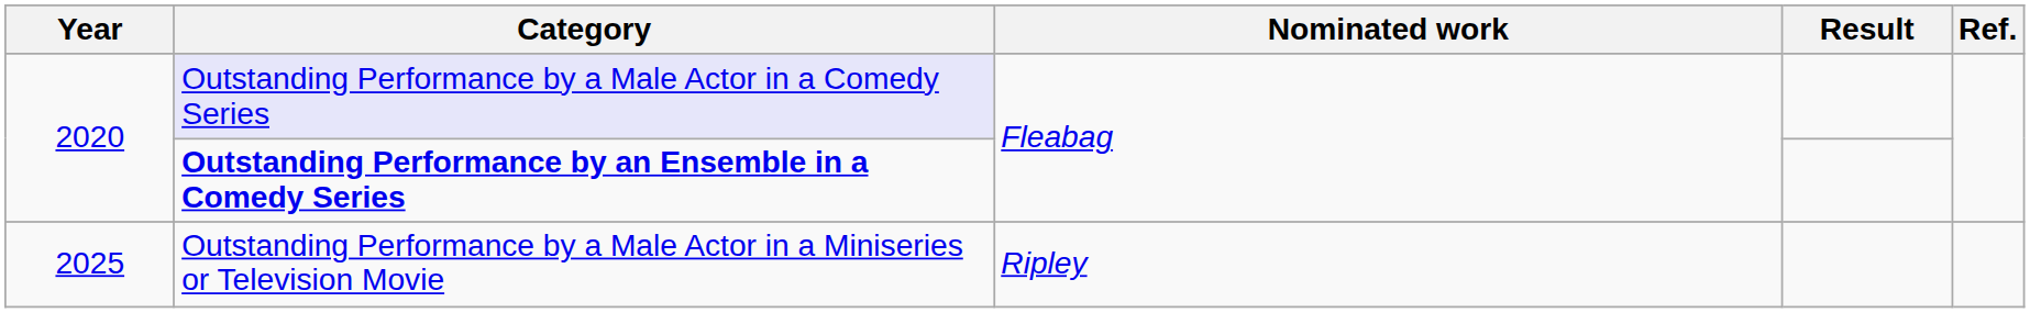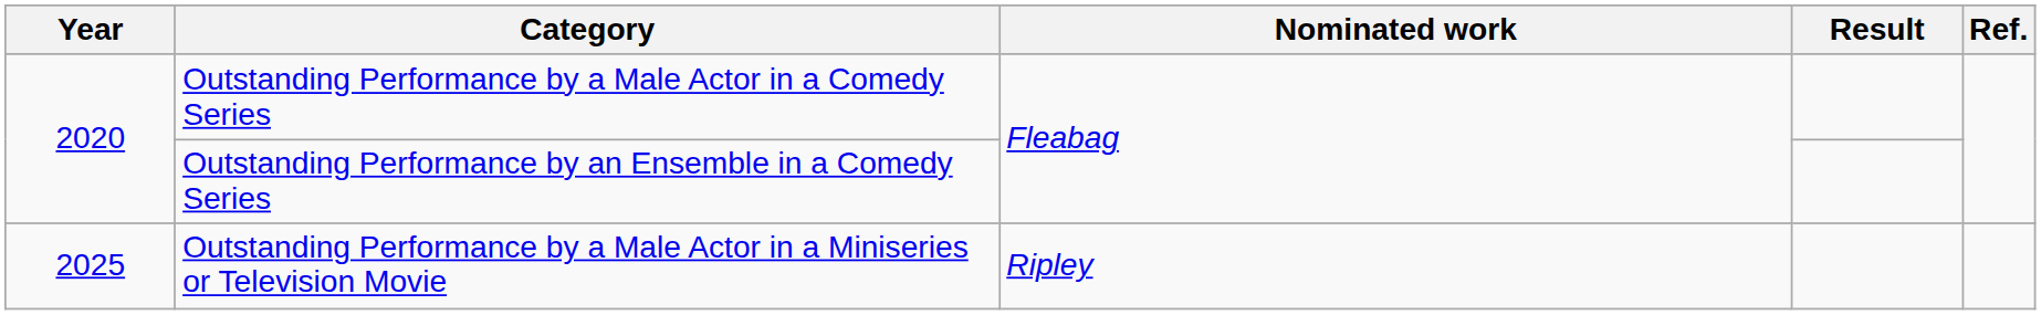 <table class=wikitable>
 <tr>
 <th scope="col" style="width:5em;">Year</th>
 <th scope="col" style="width:26em;">Category</th>
 <th scope="col" style="width:25em;">Nominated work</th>
 <th scope="col" style="width:5em;">Result</th>
 <th>Ref.</th>
 </tr>
 <tr>
 <td rowspan="2" style="text-align:center;"><a href='#'>2020</a></td>
-<td style="background: lavender;"><a href='#'>Outstanding Performance by a Male Actor in a Comedy Series</a></td>
+<td><a href='#'>Outstanding Performance by a Male Actor in a Comedy Series</a></td>
 <td rowspan="2"><em><a href='#'>Fleabag</a></em></td>
 <td></td>
 <td rowspan="2"></td>
 </tr>
 <tr>
-<td><strong><a href='#'>Outstanding Performance by an Ensemble in a Comedy Series</a></strong></td>
+<td><a href='#'>Outstanding Performance by an Ensemble in a Comedy Series</a></td>
 <td></td>
 </tr>
 <tr>
 <td style="text-align:center;"><a href='#'>2025</a></td>
 <td><a href='#'>Outstanding Performance by a Male Actor in a Miniseries or Television Movie</a></td>
 <td><em><a href='#'>Ripley</a></em></td>
 <td></td>
 <td></td>
 </tr>
 </table>
